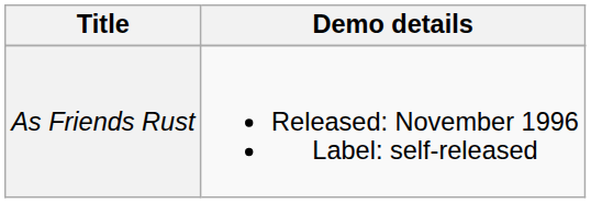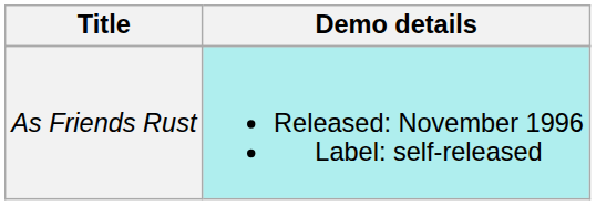 <table class="wikitable plainrowheaders" style="text-align:center;" border="1">
 <tr>
 <th rowspan="1" scope="col">Title</th>
 <th rowspan="1" scope="col">Demo details</th>
 </tr>
 <tr>
 </tr>
 <tr>
 <th scope="row" style="font-weight:normal;"><em>As Friends Rust</em></th>
-<td><br><ul><li>Released: November 1996</li><li>Label: self-released</li></ul></td>
+<td style="background: paleturquoise;"><br><ul><li>Released: November 1996</li><li>Label: self-released</li></ul></td>
 </tr>
 </table>
